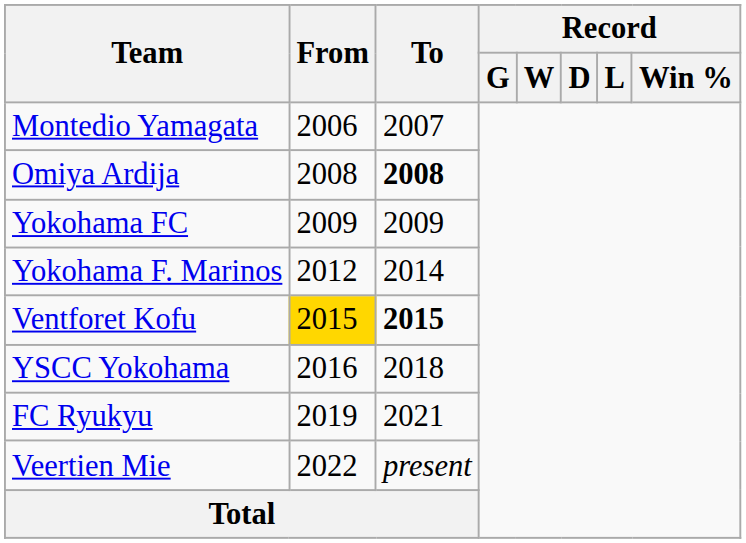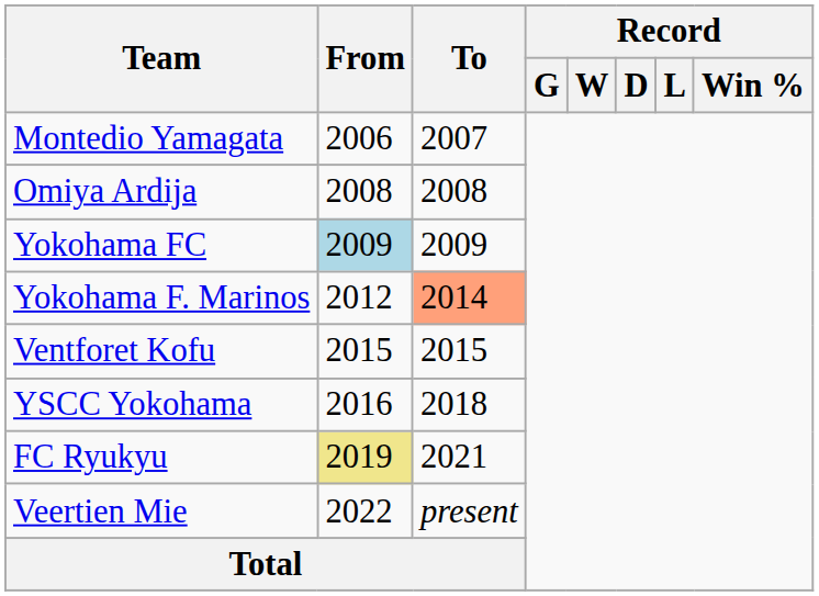 <table class="wikitable" style="text-align: center">
 <tr>
 <th rowspan="2">Team</th>
 <th rowspan="2">From</th>
 <th rowspan="2">To</th>
 <th colspan="5">Record</th>
 </tr>
 <tr>
 <th>G</th>
 <th>W</th>
 <th>D</th>
 <th>L</th>
 <th>Win %</th>
 </tr>
 <tr>
 <td align="left"><a href='#'>Montedio Yamagata</a></td>
 <td align="left">2006</td>
 <td align="left">2007<br></td>
 </tr>
 <tr>
 <td align="left"><a href='#'>Omiya Ardija</a></td>
 <td align="left">2008</td>
-<td align="left"><strong>2008<br></strong></td>
+<td align="left">2008<br></td>
 </tr>
 <tr>
 <td align="left"><a href='#'>Yokohama FC</a></td>
-<td align="left">2009</td>
+<td align="left" style="background: lightblue;">2009</td>
 <td align="left">2009<br></td>
 </tr>
 <tr>
 <td align="left"><a href='#'>Yokohama F. Marinos</a></td>
 <td align="left">2012</td>
-<td align="left">2014<br></td>
+<td align="left" style="background: lightsalmon;">2014<br></td>
 </tr>
 <tr>
 <td align="left"><a href='#'>Ventforet Kofu</a></td>
-<td align="left" style="background: gold;">2015</td>
-<td align="left"><strong>2015<br></strong></td>
+<td align="left">2015</td>
+<td align="left">2015<br></td>
 </tr>
 <tr>
 <td align="left"><a href='#'>YSCC Yokohama</a></td>
 <td align="left">2016</td>
 <td align="left">2018<br></td>
 </tr>
 <tr>
 <td align="left"><a href='#'>FC Ryukyu</a></td>
-<td align="left">2019</td>
+<td align="left" style="background: khaki;">2019</td>
 <td align="left">2021<br></td>
 </tr>
 <tr>
 <td align="left"><a href='#'>Veertien Mie</a></td>
 <td align="left">2022</td>
 <td align="left"><em>present</em><br></td>
 </tr>
 <tr>
 <th colspan="3">Total<br></th>
 </tr>
 </table>
